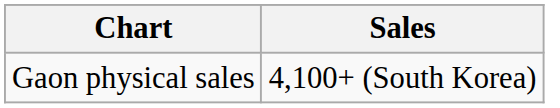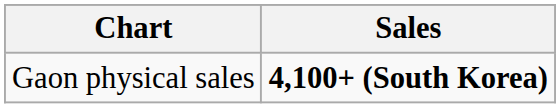 <table class="wikitable">
 <tr>
 <th>Chart</th>
 <th>Sales</th>
 </tr>
 <tr>
 <td>Gaon physical sales</td>
-<td align="center">4,100+ (South Korea)</td>
+<td align="center"><strong>4,100+ (South Korea)</strong></td>
 </tr>
 </table>
